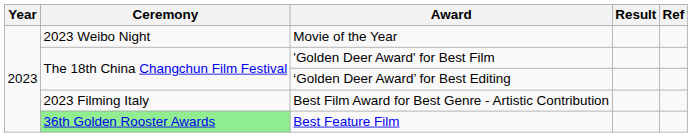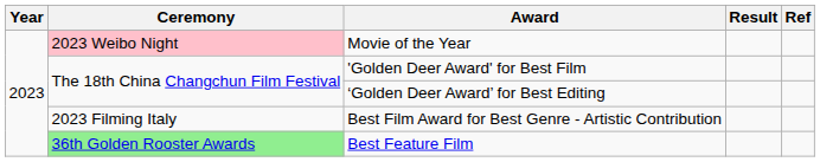 <table class="wikitable">
 <tr>
 <th>Year</th>
 <th>Ceremony</th>
 <th>Award</th>
 <th>Result</th>
 <th>Ref</th>
 </tr>
 <tr>
 <td rowspan="5">2023</td>
-<td>2023 Weibo Night</td>
+<td style="background: pink;">2023 Weibo Night</td>
 <td>Movie of the Year</td>
 <td></td>
 <td></td>
 </tr>
 <tr>
 <td rowspan="2">The 18th China <a href='#'>Changchun Film Festival</a></td>
 <td>'Golden Deer Award' for Best Film</td>
 <td></td>
 <td></td>
 </tr>
 <tr>
 <td>‘Golden Deer Award’ for Best Editing</td>
 <td></td>
 <td></td>
 </tr>
 <tr>
 <td>2023 Filming Italy</td>
 <td>Best Film Award for Best Genre - Artistic Contribution</td>
 <td></td>
 <td></td>
 </tr>
 <tr>
 <td style="background: lightgreen;"><a href='#'>36th Golden Rooster Awards</a></td>
 <td><a href='#'>Best Feature Film</a></td>
 <td></td>
 <td></td>
 </tr>
 </table>
